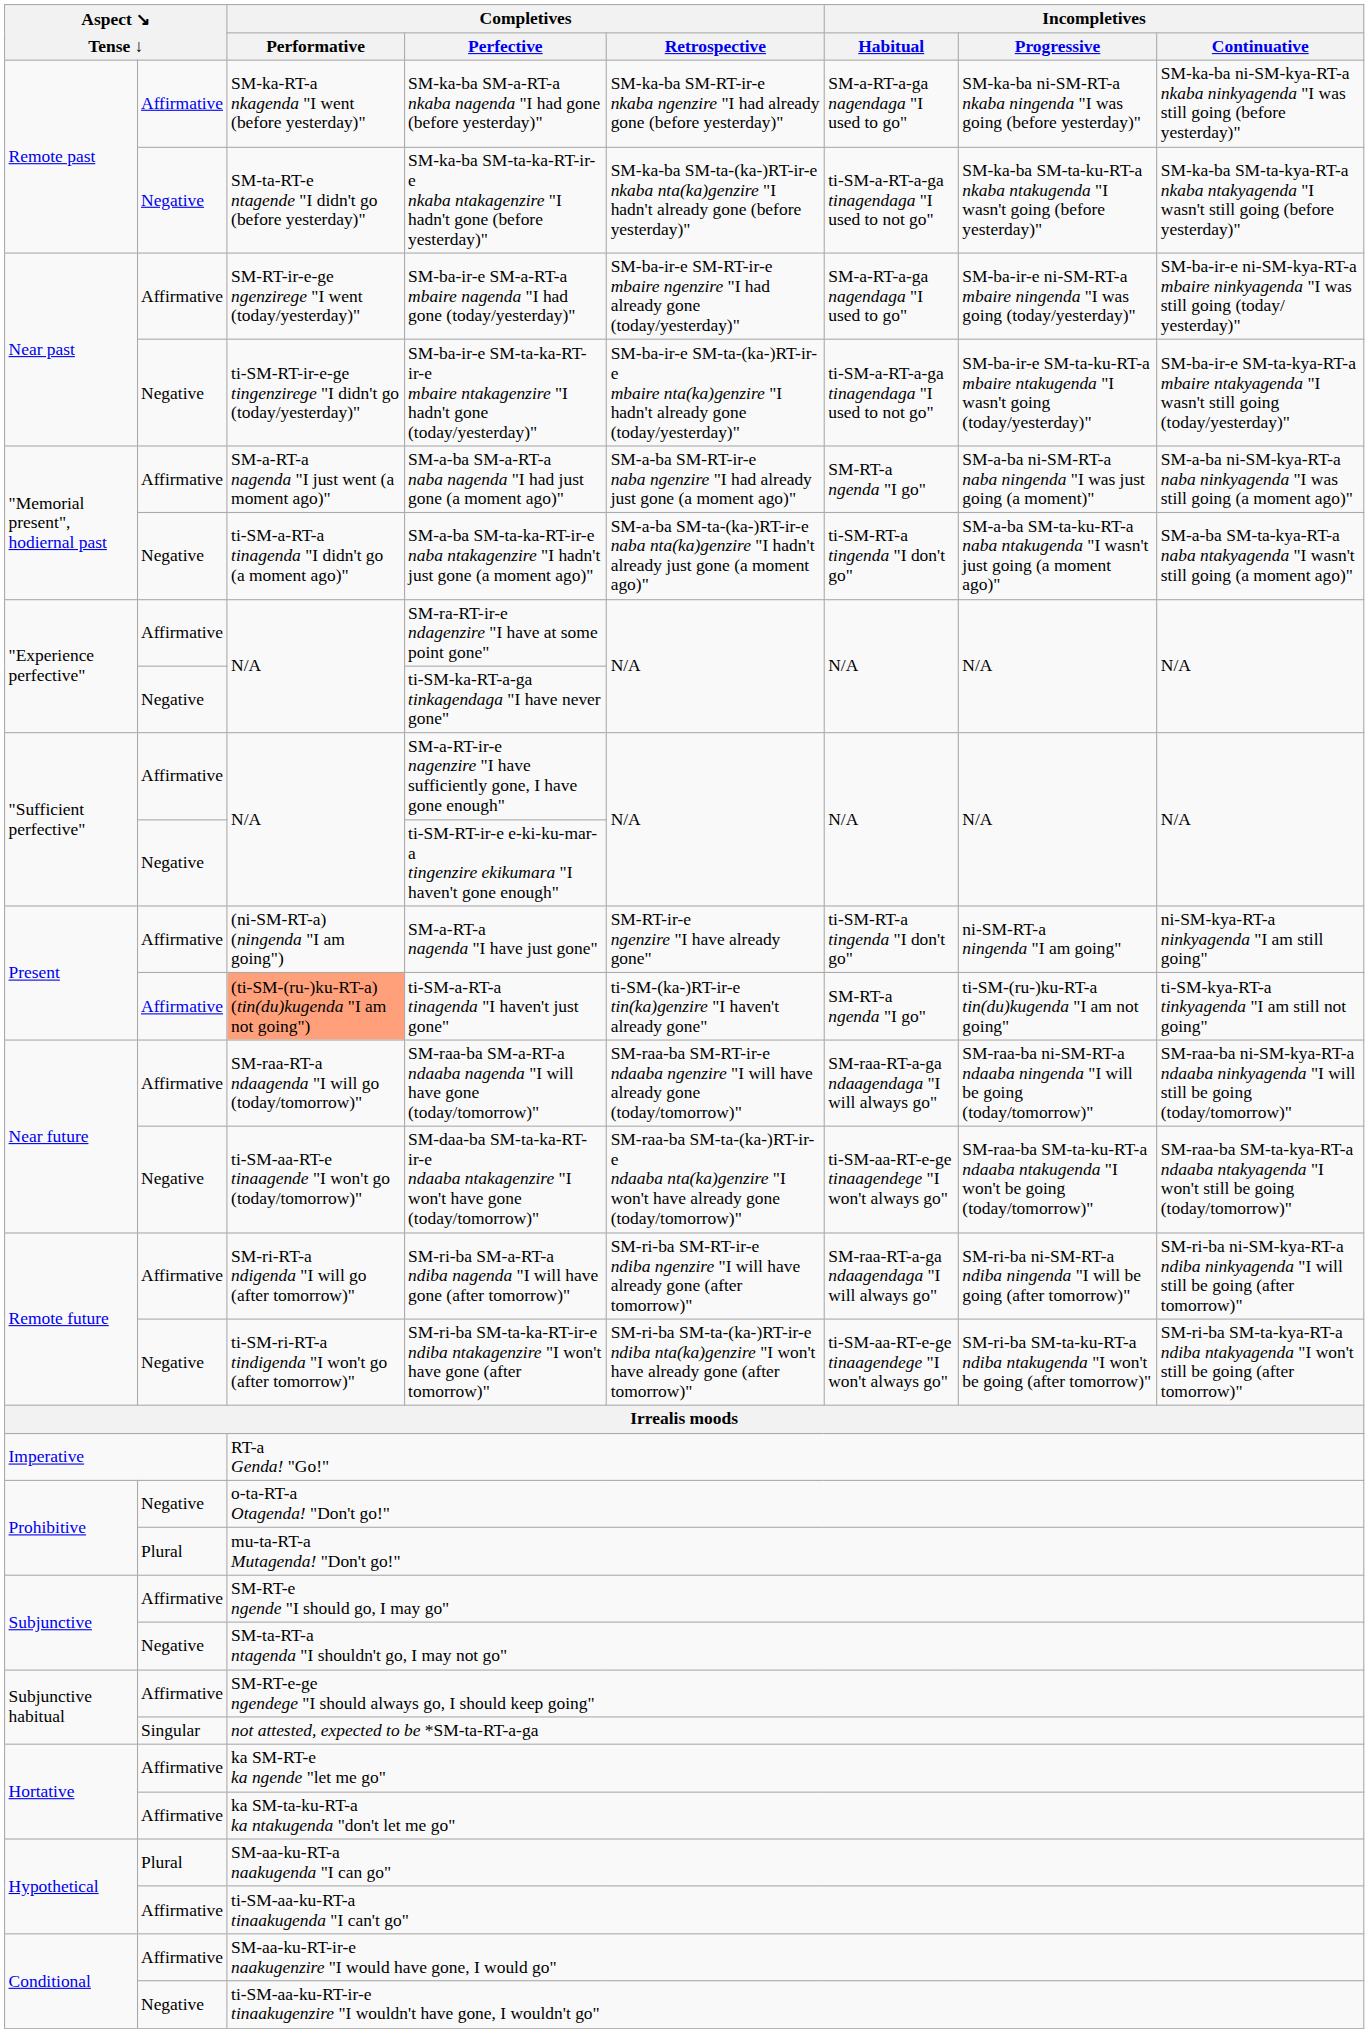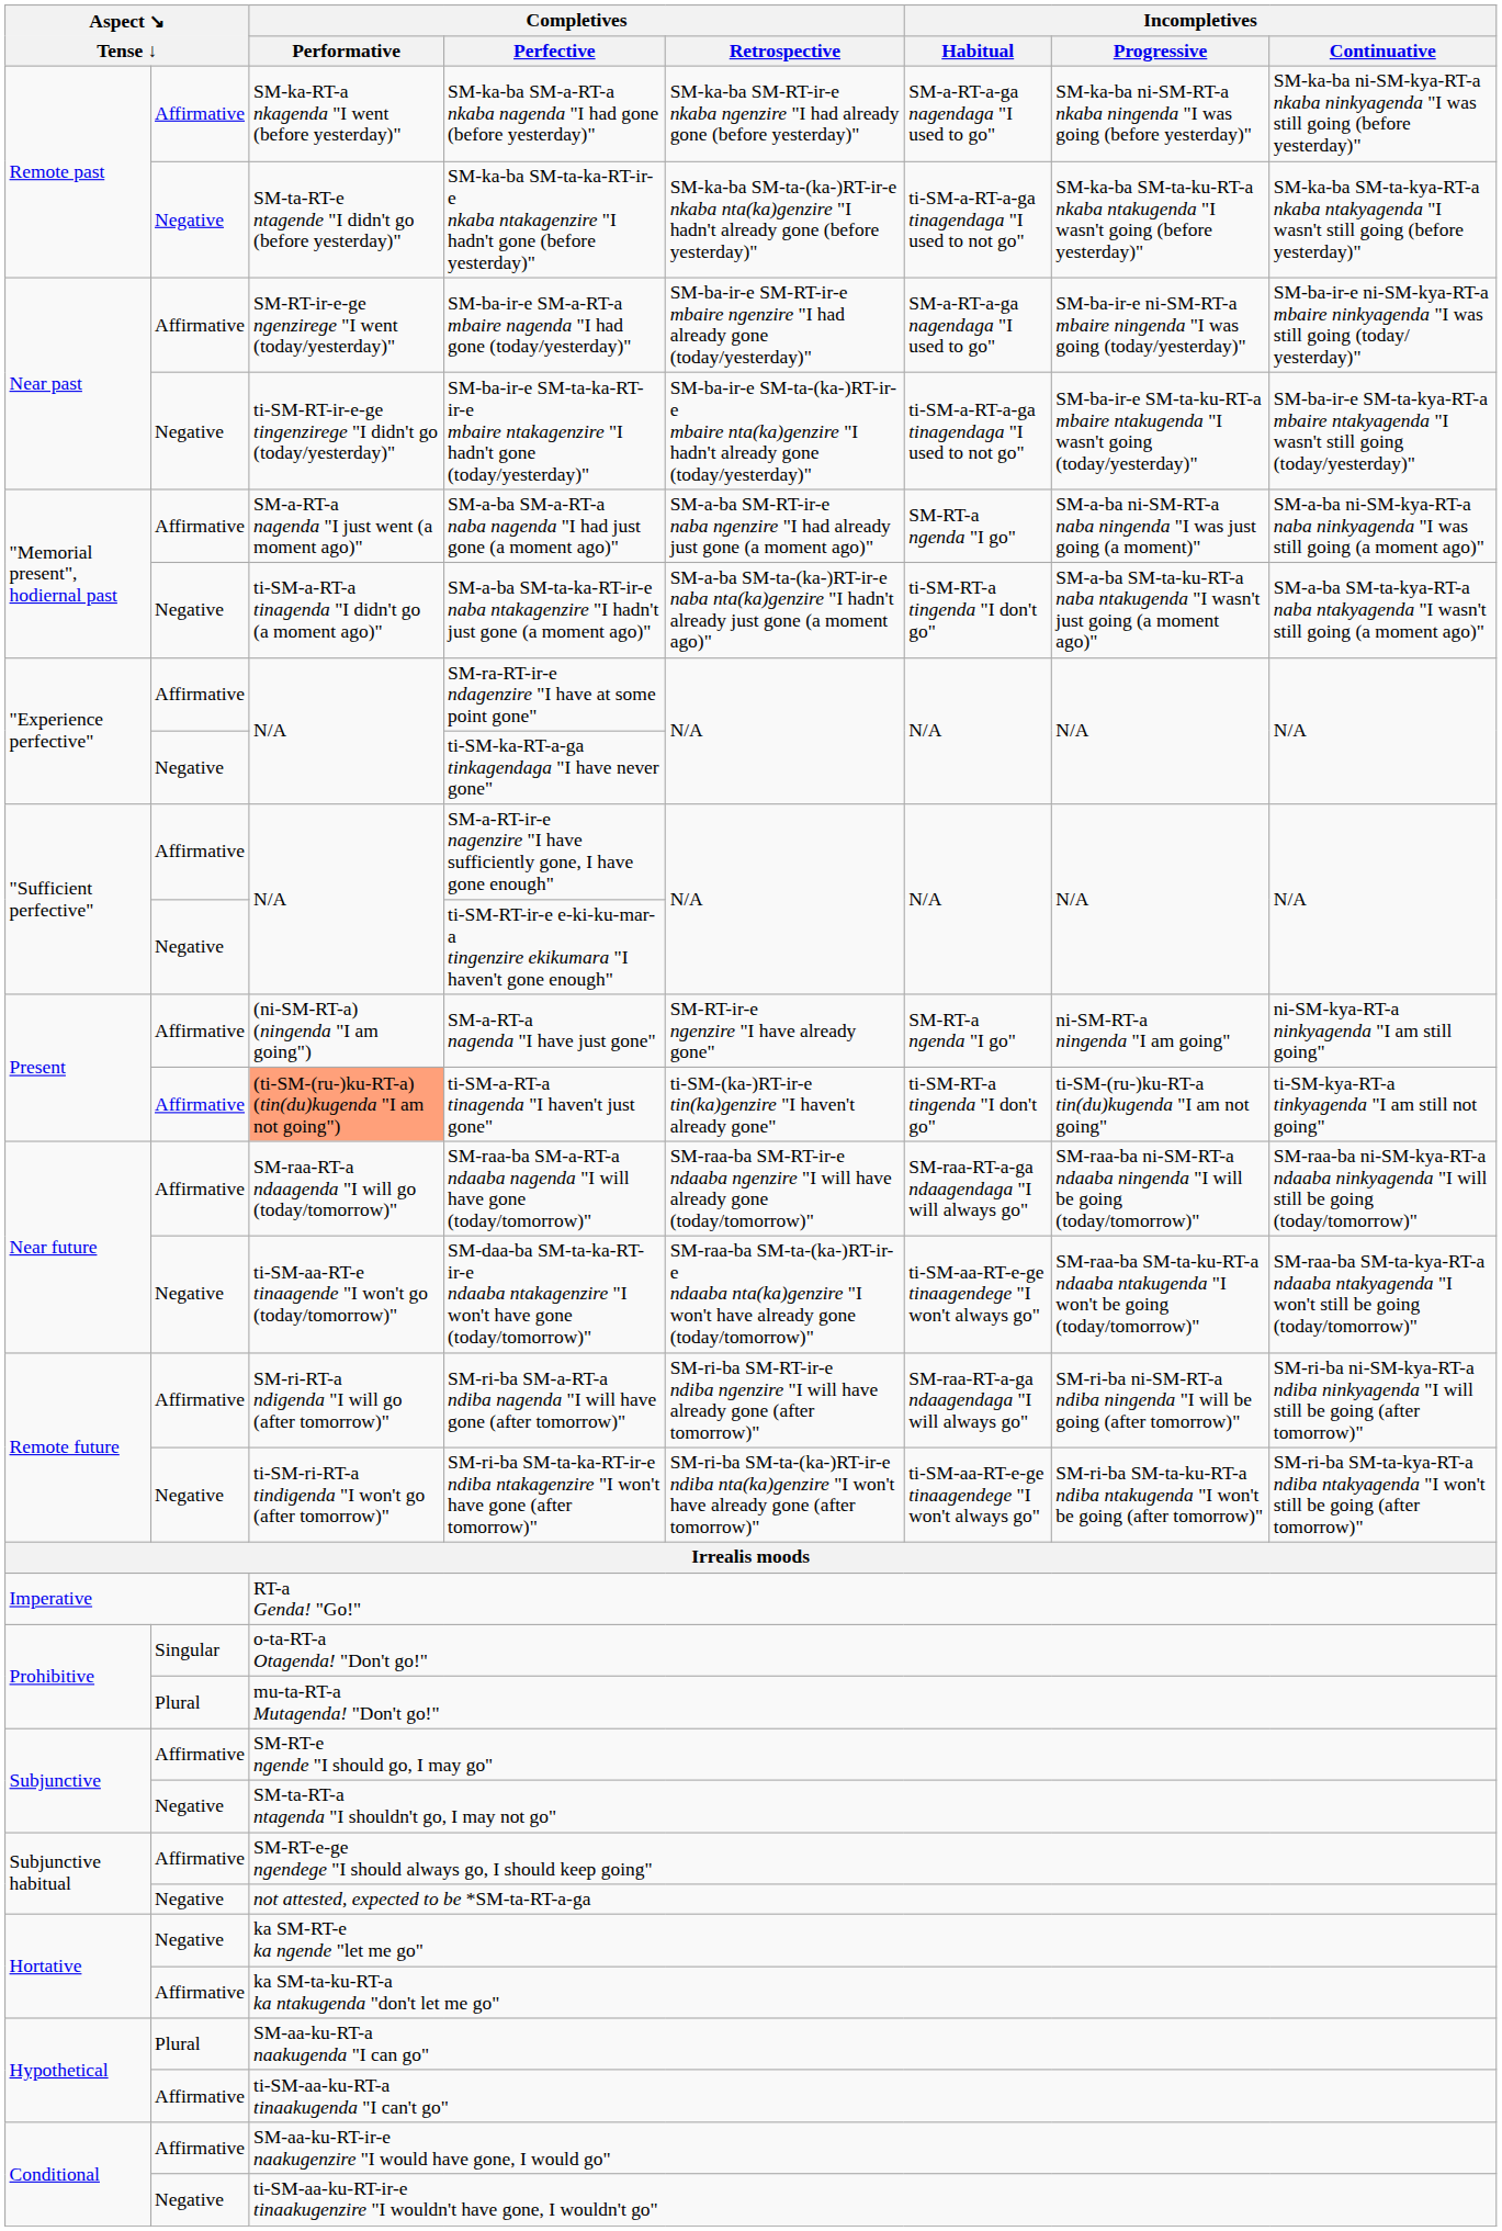 <table class="wikitable">
 <tr>
 <th colspan="2" style="border-style: none none none none;">Aspect ↘</th>
 <th colspan="3">Completives</th>
 <th colspan="3">Incompletives</th>
 </tr>
 <tr>
 <th colspan="2" style="border-style: none none none none;">Tense ↓</th>
 <th>Performative</th>
 <th><a href='#'>Perfective</a></th>
 <th><a href='#'>Retrospective</a></th>
 <th><a href='#'>Habitual</a></th>
 <th><a href='#'>Progressive</a></th>
 <th><a href='#'>Continuative</a></th>
 </tr>
 <tr>
 <td rowspan="2"><a href='#'>Remote past</a></td>
 <td><a href='#'>Affirmative</a></td>
 <td>SM-ka-RT-a<br><em>nkagenda</em>  "I went (before yesterday)"</td>
 <td>SM-ka-ba SM-a-RT-a<br><em>nkaba nagenda</em> "I had gone (before yesterday)"</td>
 <td>SM-ka-ba SM-RT-ir-e<br><em>nkaba ngenzire</em> "I had already gone (before yesterday)"</td>
 <td>SM-a-RT-a-ga<br><em>nagendaga</em> "I used to go"</td>
 <td>SM-ka-ba ni-SM-RT-a<br><em>nkaba ningenda</em> "I was going (before yesterday)"</td>
 <td>SM-ka-ba ni-SM-kya-RT-a<br><em>nkaba ninkyagenda</em> "I was still going (before yesterday)"</td>
 </tr>
 <tr>
 <td><a href='#'>Negative</a></td>
 <td>SM-ta-RT-e<br><em>ntagende</em> "I didn't go (before yesterday)"</td>
 <td>SM-ka-ba SM-ta-ka-RT-ir-e<br><em>nkaba ntakagenzire</em> "I hadn't gone (before yesterday)"</td>
 <td>SM-ka-ba SM-ta-(ka-)RT-ir-e<br><em>nkaba nta(ka)genzire</em> "I hadn't already gone (before yesterday)"</td>
 <td>ti-SM-a-RT-a-ga<br><em>tinagendaga</em> "I used to not go"</td>
 <td>SM-ka-ba SM-ta-ku-RT-a<br><em>nkaba ntakugenda</em>  "I wasn't going (before yesterday)"</td>
 <td>SM-ka-ba SM-ta-kya-RT-a<br><em>nkaba ntakyagenda</em> "I wasn't still going (before yesterday)"</td>
 </tr>
 <tr>
 <td rowspan="2"><a href='#'>Near past</a></td>
 <td>Affirmative</td>
 <td>SM-RT-ir-e-ge<br><em>ngenzirege</em> "I went (today/yesterday)"</td>
 <td>SM-ba-ir-e SM-a-RT-a<br><em>mbaire nagenda</em> "I had gone (today/yesterday)"</td>
 <td>SM-ba-ir-e SM-RT-ir-e<br><em>mbaire ngenzire</em> "I had already gone (today/yesterday)"</td>
 <td>SM-a-RT-a-ga<br><em>nagendaga</em> "I used to go"</td>
 <td>SM-ba-ir-e ni-SM-RT-a<br><em>mbaire ningenda</em> "I was going (today/yesterday)"</td>
 <td>SM-ba-ir-e ni-SM-kya-RT-a<br><em>mbaire ninkyagenda</em> "I was still going (today/ yesterday)"</td>
 </tr>
 <tr>
 <td>Negative</td>
 <td>ti-SM-RT-ir-e-ge<br><em>tingenzirege</em> "I didn't go (today/yesterday)"</td>
 <td>SM-ba-ir-e SM-ta-ka-RT-ir-e<br><em>mbaire ntakagenzire</em> "I hadn't gone (today/yesterday)"</td>
 <td>SM-ba-ir-e SM-ta-(ka-)RT-ir-e<br><em>mbaire nta(ka)genzire</em> "I hadn't already gone (today/yesterday)"</td>
 <td>ti-SM-a-RT-a-ga<br><em>tinagendaga</em> "I used to not go"</td>
 <td>SM-ba-ir-e SM-ta-ku-RT-a<br><em>mbaire ntakugenda</em> "I wasn't going (today/yesterday)"</td>
 <td>SM-ba-ir-e SM-ta-kya-RT-a<br><em>mbaire ntakyagenda</em> "I wasn't still going (today/yesterday)"</td>
 </tr>
 <tr>
 <td rowspan="2">"Memorial present", <a href='#'>hodiernal past</a></td>
 <td>Affirmative</td>
 <td>SM-a-RT-a<br><em>nagenda</em> "I just went (a moment ago)"</td>
 <td>SM-a-ba SM-a-RT-a<br><em>naba nagenda</em> "I had just gone (a moment ago)"</td>
 <td>SM-a-ba SM-RT-ir-e<br><em>naba ngenzire</em> "I had already just gone (a moment ago)"</td>
 <td>SM-RT-a<br><em>ngenda</em> "I go"</td>
 <td>SM-a-ba ni-SM-RT-a<br><em>naba ningenda</em> "I was just going (a moment)"</td>
 <td>SM-a-ba ni-SM-kya-RT-a<br><em>naba ninkyagenda</em> "I was still going (a moment ago)"</td>
 </tr>
 <tr>
 <td>Negative</td>
 <td>ti-SM-a-RT-a<br><em>tinagenda</em> "I didn't go (a moment ago)"</td>
 <td>SM-a-ba SM-ta-ka-RT-ir-e<br><em>naba ntakagenzire</em> "I hadn't just gone (a moment ago)"</td>
 <td>SM-a-ba SM-ta-(ka-)RT-ir-e<br><em>naba nta(ka)genzire</em> "I hadn't already just gone (a moment ago)"</td>
 <td>ti-SM-RT-a<br><em>tingenda</em> "I don't go"</td>
 <td>SM-a-ba SM-ta-ku-RT-a<br><em>naba ntakugenda</em> "I wasn't just going (a moment ago)"</td>
 <td>SM-a-ba SM-ta-kya-RT-a<br><em>naba ntakyagenda</em> "I wasn't still going (a moment ago)"</td>
 </tr>
 <tr>
 <td rowspan="2">"Experience perfective"</td>
 <td>Affirmative</td>
 <td rowspan="2">N/A</td>
 <td>SM-ra-RT-ir-e<br><em>ndagenzire</em> "I have at some point gone"</td>
 <td rowspan="2">N/A</td>
 <td rowspan="2">N/A</td>
 <td rowspan="2">N/A</td>
 <td rowspan="2">N/A</td>
 </tr>
 <tr>
 <td>Negative</td>
 <td>ti-SM-ka-RT-a-ga<br><em>tinkagendaga</em> "I have never gone"</td>
 </tr>
 <tr>
 <td rowspan="2">"Sufficient perfective"</td>
 <td>Affirmative</td>
 <td rowspan="2">N/A</td>
 <td>SM-a-RT-ir-e<br><em>nagenzire</em> "I have sufficiently gone, I have gone enough"</td>
 <td rowspan="2">N/A</td>
 <td rowspan="2">N/A</td>
 <td rowspan="2">N/A</td>
 <td rowspan="2">N/A</td>
 </tr>
 <tr>
 <td>Negative</td>
 <td>ti-SM-RT-ir-e e-ki-ku-mar-a<br><em>tingenzire ekikumara</em> "I haven't gone enough"</td>
 </tr>
 <tr>
 <td rowspan="2"><a href='#'>Present</a></td>
 <td>Affirmative</td>
 <td>(ni-SM-RT-a)<br>(<em>ningenda</em> "I am going")</td>
 <td>SM-a-RT-a<br><em>nagenda</em> "I have just gone"</td>
 <td>SM-RT-ir-e<br><em>ngenzire</em> "I have already gone"</td>
-<td>ti-SM-RT-a<br><em>tingenda</em> "I don't go"</td>
+<td>SM-RT-a<br><em>ngenda</em> "I go"</td>
 <td>ni-SM-RT-a<br><em>ningenda</em> "I am going"</td>
 <td>ni-SM-kya-RT-a<br><em>ninkyagenda</em> "I am still going"</td>
 </tr>
 <tr>
 <td><a href='#'>Affirmative</a></td>
 <td style="background: lightsalmon;">(ti-SM-(ru-)ku-RT-a)<br>(<em>tin(du)kugenda</em> "I am not going")</td>
 <td>ti-SM-a-RT-a<br><em>tinagenda</em> "I haven't just gone"</td>
 <td>ti-SM-(ka-)RT-ir-e<br><em>tin(ka)genzire</em> "I haven't already gone"</td>
-<td>SM-RT-a<br><em>ngenda</em> "I go"</td>
+<td>ti-SM-RT-a<br><em>tingenda</em> "I don't go"</td>
 <td>ti-SM-(ru-)ku-RT-a<br><em>tin(du)kugenda</em> "I am not going"</td>
 <td>ti-SM-kya-RT-a<br><em>tinkyagenda</em> "I am still not going"</td>
 </tr>
 <tr>
 <td rowspan="2"><a href='#'>Near future</a></td>
 <td>Affirmative</td>
 <td>SM-raa-RT-a<br><em>ndaagenda</em> "I will go (today/tomorrow)"</td>
 <td>SM-raa-ba SM-a-RT-a<br><em>ndaaba nagenda</em> "I will have gone (today/tomorrow)"</td>
 <td>SM-raa-ba SM-RT-ir-e<br><em>ndaaba ngenzire</em> "I will have already gone (today/tomorrow)"</td>
 <td>SM-raa-RT-a-ga<br><em>ndaagendaga</em> "I will always go"</td>
 <td>SM-raa-ba ni-SM-RT-a<br><em>ndaaba ningenda</em> "I will be going (today/tomorrow)"</td>
 <td>SM-raa-ba ni-SM-kya-RT-a<br><em>ndaaba ninkyagenda</em> "I will still be going (today/tomorrow)"</td>
 </tr>
 <tr>
 <td>Negative</td>
 <td>ti-SM-aa-RT-e<br><em>tinaagende</em> "I won't go (today/tomorrow)"</td>
 <td>SM-daa-ba SM-ta-ka-RT-ir-e<br><em>ndaaba ntakagenzire</em> "I won't have gone (today/tomorrow)"</td>
 <td>SM-raa-ba SM-ta-(ka-)RT-ir-e<br><em>ndaaba nta(ka)genzire</em> "I won't have already gone (today/tomorrow)"</td>
 <td>ti-SM-aa-RT-e-ge<br><em>tinaagendege</em> "I won't always go"</td>
 <td>SM-raa-ba SM-ta-ku-RT-a<br><em>ndaaba ntakugenda</em> "I won't be going (today/tomorrow)"</td>
 <td>SM-raa-ba SM-ta-kya-RT-a<br><em>ndaaba ntakyagenda</em> "I won't still be going (today/tomorrow)"</td>
 </tr>
 <tr>
 <td rowspan="2"><a href='#'>Remote future</a></td>
 <td>Affirmative</td>
 <td>SM-ri-RT-a<br><em>ndigenda</em> "I will go (after tomorrow)"</td>
 <td>SM-ri-ba SM-a-RT-a<br><em>ndiba nagenda</em> "I will have gone (after tomorrow)"</td>
 <td>SM-ri-ba SM-RT-ir-e<br><em>ndiba ngenzire</em> "I will have already gone (after tomorrow)"</td>
 <td>SM-raa-RT-a-ga<br><em>ndaagendaga</em> "I will always go"</td>
 <td>SM-ri-ba ni-SM-RT-a<br><em>ndiba ningenda</em> "I will be going (after tomorrow)"</td>
 <td>SM-ri-ba ni-SM-kya-RT-a<br><em>ndiba ninkyagenda</em> "I will still be going (after tomorrow)"</td>
 </tr>
 <tr>
 <td>Negative</td>
 <td>ti-SM-ri-RT-a<br><em>tindigenda</em> "I won't go (after tomorrow)"</td>
 <td>SM-ri-ba SM-ta-ka-RT-ir-e<br><em>ndiba ntakagenzire</em> "I won't have gone (after tomorrow)"</td>
 <td>SM-ri-ba SM-ta-(ka-)RT-ir-e<br><em>ndiba nta(ka)genzire</em> "I won't have already gone (after tomorrow)"</td>
 <td>ti-SM-aa-RT-e-ge<br><em>tinaagendege</em> "I won't always go"</td>
 <td>SM-ri-ba SM-ta-ku-RT-a<br><em>ndiba ntakugenda</em> "I won't be going (after tomorrow)"</td>
 <td>SM-ri-ba SM-ta-kya-RT-a<br><em>ndiba ntakyagenda</em> "I won't still be going (after tomorrow)"</td>
 </tr>
 <tr>
 <th colspan="8">Irrealis moods</th>
 </tr>
 <tr>
 <td colspan="2"><a href='#'>Imperative</a></td>
 <td colspan="6">RT-a<br><em>Genda!</em> "Go!"</td>
 </tr>
 <tr>
 <td rowspan="2"><a href='#'>Prohibitive</a></td>
-<td>Negative</td>
+<td>Singular</td>
 <td colspan="6">o-ta-RT-a<br><em>Otagenda!</em> "Don't go!"</td>
 </tr>
 <tr>
 <td>Plural</td>
 <td colspan="6">mu-ta-RT-a<br><em>Mutagenda!</em> "Don't go!"</td>
 </tr>
 <tr>
 <td rowspan="2"><a href='#'>Subjunctive</a></td>
 <td>Affirmative</td>
 <td colspan="6">SM-RT-e<br><em>ngende</em> "I should go, I may go"</td>
 </tr>
 <tr>
 <td>Negative</td>
 <td colspan="6">SM-ta-RT-a<br><em>ntagenda</em> "I shouldn't go, I may not go"</td>
 </tr>
 <tr>
 <td rowspan="2">Subjunctive habitual</td>
 <td>Affirmative</td>
 <td colspan="6">SM-RT-e-ge<br><em>ngendege</em> "I should always go, I should keep going"</td>
 </tr>
 <tr>
-<td>Singular</td>
+<td>Negative</td>
 <td colspan="6"><em>not attested, expected to be</em> *SM-ta-RT-a-ga</td>
 </tr>
 <tr>
 <td rowspan="2"><a href='#'>Hortative</a></td>
-<td>Affirmative</td>
+<td>Negative</td>
 <td colspan="6">ka SM-RT-e<br><em>ka ngende</em> "let me go"</td>
 </tr>
 <tr>
 <td>Affirmative</td>
 <td colspan="6">ka SM-ta-ku-RT-a<br><em>ka ntakugenda</em> "don't let me go"</td>
 </tr>
 <tr>
 <td rowspan="2"><a href='#'>Hypothetical</a></td>
 <td>Plural</td>
 <td colspan="6">SM-aa-ku-RT-a<br><em>naakugenda</em> "I can go"</td>
 </tr>
 <tr>
 <td>Affirmative</td>
 <td colspan="6">ti-SM-aa-ku-RT-a<br><em>tinaakugenda</em> "I can't go"</td>
 </tr>
 <tr>
 <td rowspan="2"><a href='#'>Conditional</a></td>
 <td>Affirmative</td>
 <td colspan="6">SM-aa-ku-RT-ir-e<br><em>naakugenzire</em> "I would have gone, I would go"</td>
 </tr>
 <tr>
 <td>Negative</td>
 <td colspan="6">ti-SM-aa-ku-RT-ir-e<br><em>tinaakugenzire</em> "I wouldn't have gone, I wouldn't go"</td>
 </tr>
 </table>
